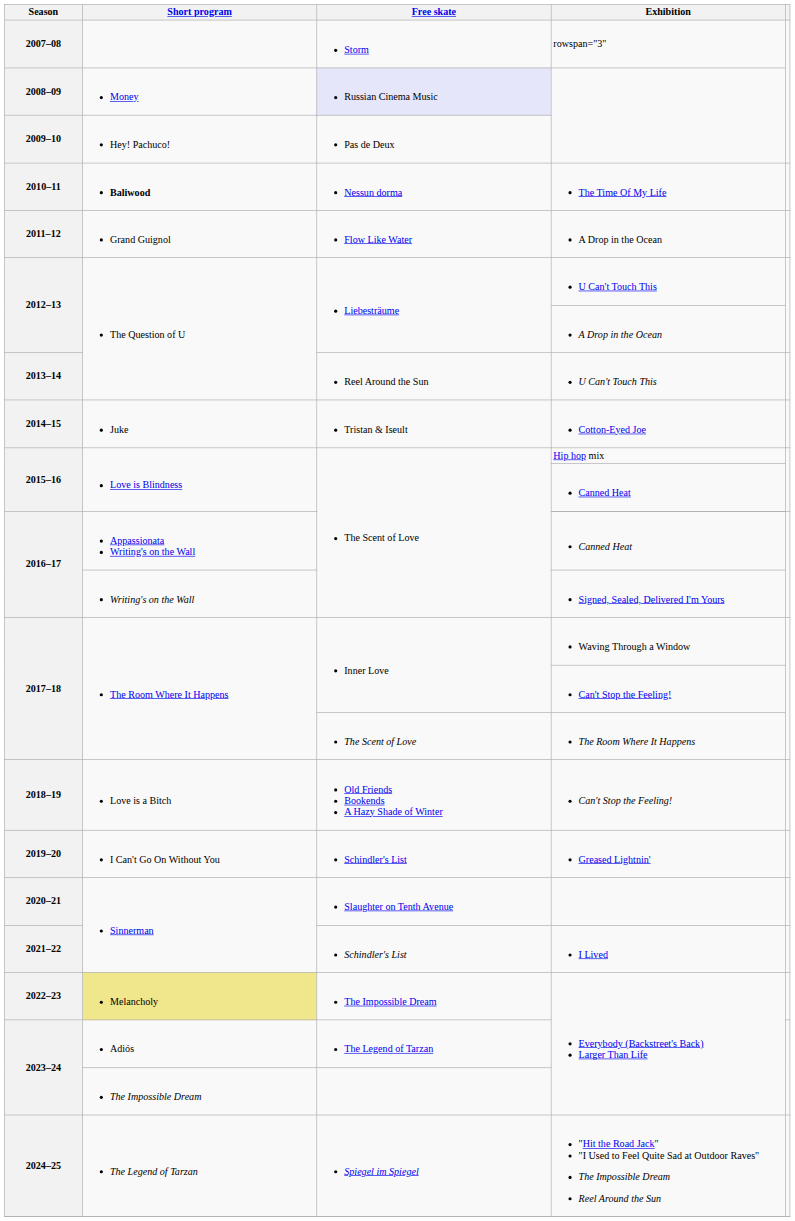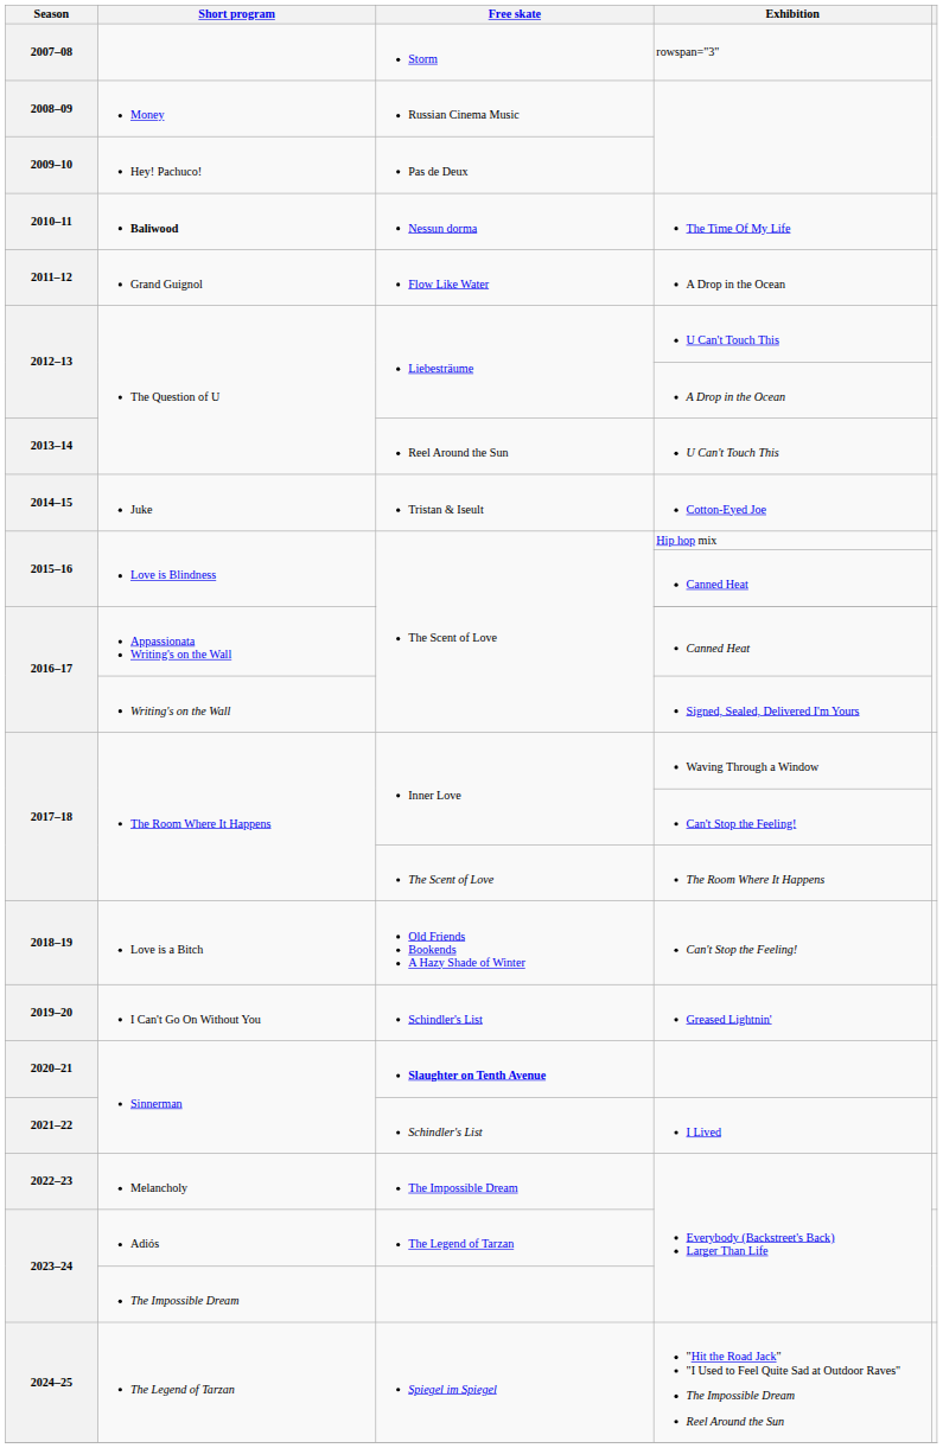 <table class="wikitable unsortable" style="text-align:left">
 <tr>
 <th scope="col" style="text-align:center; width:10%">Season</th>
 <th scope="col" style="text-align:center; width:30%"><a href='#'>Short program</a></th>
 <th scope="col" style="text-align:center; width:30%"><a href='#'>Free skate</a></th>
 <th scope="col" style="text-align:center; width:30%">Exhibition</th>
 <th scope="col" style="text-align:center"></th>
 </tr>
 <tr>
 <th scope="row">2007–08</th>
 <td></td>
 <td><br><ul><li><a href='#'>Storm</a><br></li></ul></td>
 <td>rowspan="3" </td>
 <td rowspan="3"></td>
 </tr>
 <tr>
 <th scope="row">2008–09</th>
 <td><br><ul><li><a href='#'>Money</a><br></li></ul></td>
-<td style="background: lavender;"><br><ul><li>Russian Cinema Music<br></li></ul></td>
+<td><br><ul><li>Russian Cinema Music<br></li></ul></td>
 </tr>
 <tr>
 <th scope="row">2009–10</th>
 <td><br><ul><li>Hey! Pachuco!<br></li></ul></td>
 <td><br><ul><li>Pas de Deux<br></li></ul></td>
 </tr>
 <tr>
 <th scope="row">2010–11</th>
 <td><strong><br><ul><li>Baliwood<br></li></ul></strong></td>
 <td><br><ul><li><a href='#'>Nessun dorma</a><br></li></ul></td>
 <td><br><ul><li><a href='#'>The Time Of My Life</a><br></li></ul></td>
 <td></td>
 </tr>
 <tr>
 <th scope="row">2011–12</th>
 <td><br><ul><li>Grand Guignol<br></li></ul></td>
 <td><br><ul><li><a href='#'>Flow Like Water</a><br></li></ul></td>
 <td><br><ul><li>A Drop in the Ocean<br></li></ul></td>
 <td></td>
 </tr>
 <tr>
 <th scope="row" rowspan="2">2012–13</th>
 <td rowspan="3"><br><ul><li>The Question of U<br></li></ul></td>
 <td rowspan="2"><br><ul><li><a href='#'>Liebesträume</a><br></li></ul></td>
 <td><br><ul><li><a href='#'>U Can't Touch This</a><br></li></ul></td>
 <td rowspan="2"></td>
 </tr>
 <tr>
 <td><br><ul><li><em>A Drop in the Ocean</em></li></ul></td>
 </tr>
 <tr>
 <th scope="row">2013–14</th>
 <td><br><ul><li>Reel Around the Sun<br></li></ul></td>
 <td><br><ul><li><em>U Can't Touch This</em></li></ul></td>
 <td></td>
 </tr>
 <tr>
 <th scope="row" rowspan="2">2014–15</th>
 <td rowspan="2"><br><ul><li>Juke<br></li></ul></td>
 <td rowspan="2"><br><ul><li>Tristan & Iseult<br></li></ul></td>
 <td><br><ul><li><a href='#'>Cotton-Eyed Joe</a><br></li></ul></td>
 <td rowspan="2"></td>
 </tr>
 <tr>
 <td rowspan="2"><a href='#'>Hip hop</a> mix</td>
 </tr>
 <tr>
 <th scope="row" rowspan="3">2015–16</th>
 <td rowspan="2"><br><ul><li><a href='#'>Love is Blindness</a><br></li></ul></td>
 <td rowspan="5"><br><ul><li>The Scent of Love<br></li></ul></td>
 <td rowspan="3"></td>
 </tr>
 <tr>
 <td><br><ul><li><a href='#'>Canned Heat</a><br></li></ul></td>
 </tr>
 <tr>
 <td rowspan="2"><br><ul><li><a href='#'>Appassionata</a><br></li><li><a href='#'>Writing's on the Wall</a><br></li></ul></td>
 </tr>
 <tr>
 <th scope="row" rowspan="2">2016–17</th>
 <td><br><ul><li><em>Canned Heat</em></li></ul></td>
 <td rowspan="2"></td>
 </tr>
 <tr>
 <td><br><ul><li><em>Writing's on the Wall</em></li></ul></td>
 <td><br><ul><li><a href='#'>Signed, Sealed, Delivered I'm Yours</a><br></li></ul></td>
 </tr>
 <tr>
 <th scope="row" rowspan="3">2017–18</th>
 <td rowspan="3"><br><ul><li><a href='#'>The Room Where It Happens</a><br></li></ul></td>
 <td rowspan="2"><br><ul><li>Inner Love<br></li></ul></td>
 <td><br><ul><li>Waving Through a Window<br></li></ul></td>
 <td rowspan="3"></td>
 </tr>
 <tr>
 <td><br><ul><li><a href='#'>Can't Stop the Feeling!</a><br></li></ul></td>
 </tr>
 <tr>
 <td><br><ul><li><em>The Scent of Love</em></li></ul></td>
 <td><br><ul><li><em>The Room Where It Happens</em></li></ul></td>
 </tr>
 <tr>
 <th scope="row">2018–19</th>
 <td><br><ul><li>Love is a Bitch<br></li></ul></td>
 <td><br><ul><li><a href='#'>Old Friends</a></li><li><a href='#'>Bookends</a></li><li><a href='#'>A Hazy Shade of Winter</a><br></li></ul></td>
 <td><br><ul><li><em>Can't Stop the Feeling!</em></li></ul></td>
 <td></td>
 </tr>
 <tr>
 <th scope="row">2019–20</th>
 <td><br><ul><li>I Can't Go On Without You<br></li></ul></td>
 <td><br><ul><li><a href='#'>Schindler's List</a><br></li></ul></td>
 <td><br><ul><li><a href='#'>Greased Lightnin'</a><br></li></ul></td>
 <td></td>
 </tr>
 <tr>
 <th scope="row">2020–21</th>
 <td rowspan="2"><br><ul><li><a href='#'>Sinnerman</a><br></li></ul></td>
-<td><br><ul><li><a href='#'>Slaughter on Tenth Avenue</a><br></li></ul></td>
+<td><strong><br><ul><li><a href='#'>Slaughter on Tenth Avenue</a><br></li></ul></strong></td>
 <td></td>
 <td></td>
 </tr>
 <tr>
 <th scope="row">2021–22</th>
 <td><br><ul><li><em>Schindler's List</em></li></ul></td>
 <td><br><ul><li><a href='#'>I Lived</a><br></li></ul></td>
 <td></td>
 </tr>
 <tr>
 <th scope="row">2022–23</th>
-<td style="background: khaki;"><br><ul><li>Melancholy<br></li></ul></td>
+<td><br><ul><li>Melancholy<br></li></ul></td>
 <td><br><ul><li><a href='#'>The Impossible Dream</a><br></li></ul></td>
 <td rowspan=3><br><ul><li><a href='#'>Everybody (Backstreet's Back)</a></li><li><a href='#'>Larger Than Life</a><br></li></ul></td>
 <td></td>
 </tr>
 <tr>
 <th scope="row" rowspan="2">2023–24</th>
 <td><br><ul><li>Adiós<br></li></ul></td>
 <td><br><ul><li><a href='#'>The Legend of Tarzan</a><br></li></ul></td>
 <td rowspan="2"></td>
 </tr>
 <tr>
 <td><br><ul><li><em>The Impossible Dream</em></li></ul></td>
 </tr>
 <tr>
 <th scope="row">2024–25</th>
 <td><br><ul><li><em>The Legend of Tarzan</em></li></ul></td>
 <td><br><ul><li><em><a href='#'>Spiegel im Spiegel</a></em><br></li></ul></td>
 <td><br><ul><li>"<a href='#'>Hit the Road Jack</a>"<br></li><li>"I Used to Feel Quite Sad at Outdoor Raves"<br></li></ul><ul><li><em>The Impossible Dream</em></li></ul><ul><li><em>Reel Around the Sun</em></li></ul></td>
 <td></td>
 </tr>
 <tr>
 </tr>
 </table>
